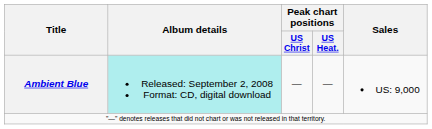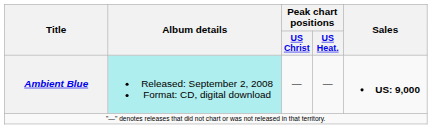 <table class="wikitable plainrowheaders" style="text-align:center;">
 <tr>
 <th scope="col" rowspan="2" style="width:10em;">Title</th>
 <th scope="col" rowspan="2" style="width:17em;">Album details</th>
 <th scope="col" colspan="2">Peak chart positions</th>
 <th scope="col" rowspan="2" style="width:8em;">Sales</th>
 </tr>
 <tr>
 <th scope="col" style="width:3em;font-size:90%;"><a href='#'>US<br>Christ</a><br></th>
 <th scope="col" style="width:3em;font-size:90%;"><a href='#'>US<br>Heat.</a><br></th>
 </tr>
 <tr>
 <th scope="row"><em><a href='#'>Ambient Blue</a></em></th>
 <td style="background: paleturquoise;"><br><ul><li>Released: September 2, 2008</li><li>Format: CD, digital download</li></ul></td>
 <td>—</td>
 <td>—</td>
-<td><br><ul><li>US: 9,000</li></ul></td>
+<td><strong><br><ul><li>US: 9,000</li></ul></strong></td>
 </tr>
 <tr>
 <td colspan="10" style="font-size:8pt">"—" denotes releases that did not chart or was not released in that territory.</td>
 </tr>
 </table>
